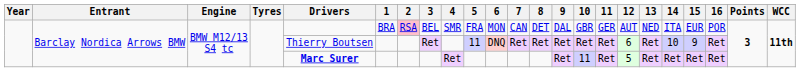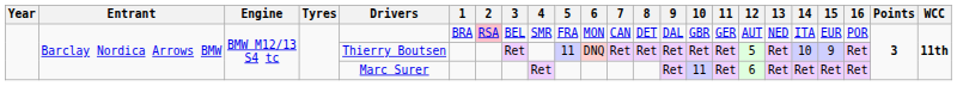 <table class="wikitable" style="text-align:center; font-size:95%">
 <tr>
 <th>Year</th>
 <th>Entrant</th>
 <th>Engine</th>
 <th>Tyres</th>
 <th>Drivers</th>
 <th>1</th>
 <th>2</th>
 <th>3</th>
 <th>4</th>
 <th>5</th>
 <th>6</th>
 <th>7</th>
 <th>8</th>
 <th>9</th>
 <th>10</th>
 <th>11</th>
 <th>12</th>
 <th>13</th>
 <th>14</th>
 <th>15</th>
 <th>16</th>
 <th>Points</th>
 <th>WCC</th>
 </tr>
 <tr>
 <td rowspan="3"></td>
 <td rowspan="3"><a href='#'>Barclay</a> <a href='#'>Nordica</a> <a href='#'>Arrows</a> <a href='#'>BMW</a></td>
 <td rowspan="3"><a href='#'>BMW M12/13</a><br><a href='#'>S4</a> <a href='#'>tc</a></td>
 <td rowspan="3"></td>
 <td></td>
 <td><a href='#'>BRA</a></td>
 <td style="background: pink;"><a href='#'>RSA</a></td>
 <td><a href='#'>BEL</a></td>
 <td><a href='#'>SMR</a></td>
 <td><a href='#'>FRA</a></td>
 <td><a href='#'>MON</a></td>
 <td><a href='#'>CAN</a></td>
 <td><a href='#'>DET</a></td>
 <td><a href='#'>DAL</a></td>
 <td><a href='#'>GBR</a></td>
 <td><a href='#'>GER</a></td>
 <td><a href='#'>AUT</a></td>
 <td><a href='#'>NED</a></td>
 <td><a href='#'>ITA</a></td>
 <td><a href='#'>EUR</a></td>
 <td><a href='#'>POR</a></td>
 <td rowspan="3"><strong>3</strong></td>
 <td rowspan="3"><strong>11th</strong></td>
 </tr>
 <tr>
 <td><a href='#'>Thierry Boutsen</a></td>
 <td></td>
 <td></td>
 <td style="background:#efcfff;">Ret</td>
 <td></td>
 <td style="background:#cfcfff;">11</td>
 <td style="background:#ffcfcf;">DNQ</td>
 <td style="background:#efcfff;">Ret</td>
 <td style="background:#efcfff;">Ret</td>
 <td style="background:#efcfff;">Ret</td>
 <td style="background:#efcfff;">Ret</td>
 <td style="background:#efcfff;">Ret</td>
-<td style="background:#dfffdf;">6</td>
+<td style="background:#dfffdf;">5</td>
 <td style="background:#efcfff;">Ret</td>
 <td style="background:#cfcfff;">10</td>
 <td style="background:#cfcfff;">9</td>
 <td style="background:#efcfff;">Ret</td>
 </tr>
 <tr>
-<td><strong><a href='#'>Marc Surer</a></strong></td>
+<td><a href='#'>Marc Surer</a></td>
 <td></td>
 <td></td>
 <td></td>
 <td style="background:#efcfff;">Ret</td>
 <td></td>
 <td></td>
 <td></td>
 <td></td>
 <td style="background:#efcfff;">Ret</td>
 <td style="background:#cfcfff;">11</td>
 <td style="background:#efcfff;">Ret</td>
-<td style="background:#dfffdf;">5</td>
+<td style="background:#dfffdf;">6</td>
 <td style="background:#efcfff;">Ret</td>
 <td style="background:#efcfff;">Ret</td>
 <td style="background:#efcfff;">Ret</td>
 <td style="background:#efcfff;">Ret</td>
 </tr>
 </table>
